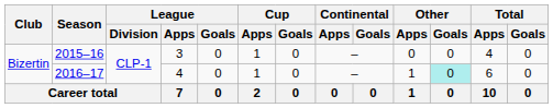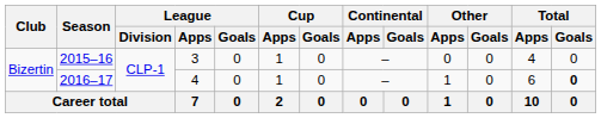 <table class="wikitable" style="text-align: center">
 <tr>
 <th rowspan="2">Club</th>
 <th rowspan="2">Season</th>
 <th colspan="3">League</th>
 <th colspan="2">Cup</th>
 <th colspan="2">Continental</th>
 <th colspan="2">Other</th>
 <th colspan="2">Total</th>
 </tr>
 <tr>
 <th>Division</th>
 <th>Apps</th>
 <th>Goals</th>
 <th>Apps</th>
 <th>Goals</th>
 <th>Apps</th>
 <th>Goals</th>
 <th>Apps</th>
 <th>Goals</th>
 <th>Apps</th>
 <th>Goals</th>
 </tr>
 <tr>
 <td rowspan="2"><a href='#'>Bizertin</a></td>
 <td><a href='#'>2015–16</a></td>
 <td rowspan="2"><a href='#'>CLP-1</a></td>
 <td>3</td>
 <td>0</td>
 <td>1</td>
 <td>0</td>
 <td colspan="2">–</td>
 <td>0</td>
 <td>0</td>
 <td>4</td>
 <td>0</td>
 </tr>
 <tr>
 <td><a href='#'>2016–17</a></td>
 <td>4</td>
 <td>0</td>
 <td>1</td>
 <td>0</td>
 <td colspan="2">–</td>
 <td>1</td>
-<td style="background: paleturquoise;">0</td>
+<td>0</td>
 <td>6</td>
-<td>0</td>
+<td><strong>0</strong></td>
 </tr>
 <tr>
 <th colspan="3"><strong>Career total</strong></th>
 <th>7</th>
 <th>0</th>
 <th>2</th>
 <th>0</th>
 <th>0</th>
 <th>0</th>
 <th>1</th>
 <th>0</th>
 <th>10</th>
 <th>0</th>
 </tr>
 </table>
